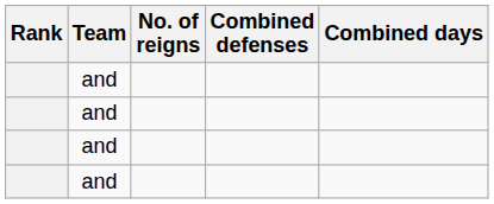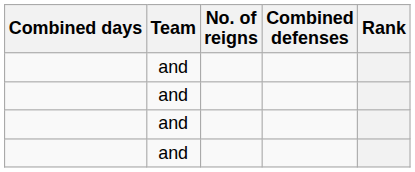 <table class="wikitable sortable" style="text-align:center;">
 <tr>
-<th>Rank</th>
+<th>Combined days</th>
 <th>Team</th>
 <th>No. of<br>reigns</th>
 <th>Combined<br>defenses</th>
-<th>Combined days</th>
+<th>Rank</th>
 </tr>
 <tr>
-<th></th>
+<td></td>
 <td> and </td>
 <td></td>
 <td></td>
-<td></td>
+<th></th>
 </tr>
 <tr>
-<th></th>
+<td></td>
 <td> and </td>
 <td></td>
 <td></td>
-<td></td>
+<th></th>
 </tr>
 <tr>
-<th></th>
+<td></td>
 <td> and </td>
 <td></td>
 <td></td>
-<td></td>
+<th></th>
 </tr>
 <tr>
-<th></th>
+<td></td>
 <td> and </td>
 <td></td>
 <td></td>
-<td></td>
+<th></th>
 </tr>
 </table>
